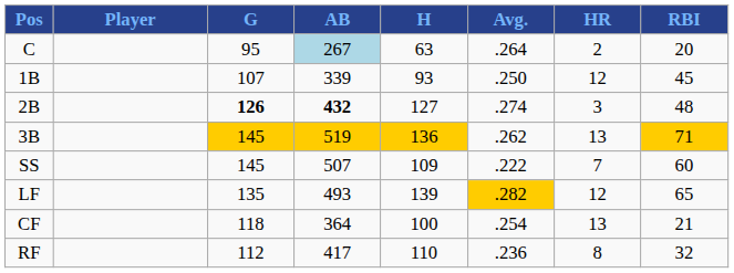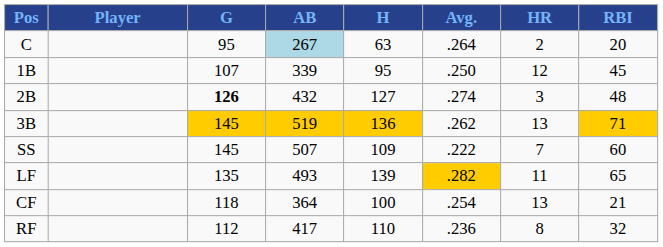 <table class="wikitable sortable">
 <tr>
 <th style="background:#27408B;color:#74B4FA;" width="5%">Pos</th>
 <th style="background:#27408B;color:#74B4FA;" width="16%">Player</th>
 <th style="background:#27408B;color:#74B4FA;" width="9%">G</th>
 <th style="background:#27408B;color:#74B4FA;" width="9%">AB</th>
 <th style="background:#27408B;color:#74B4FA;" width="9%">H</th>
 <th style="background:#27408B;color:#74B4FA;" width="9%">Avg.</th>
 <th style="background:#27408B;color:#74B4FA;" width="9%">HR</th>
 <th style="background:#27408B;color:#74B4FA;" width="9%">RBI</th>
 </tr>
 <tr align="center">
 <td>C</td>
 <td></td>
 <td>95</td>
 <td style="background: lightblue;">267</td>
 <td>63</td>
 <td>.264</td>
 <td>2</td>
 <td>20</td>
 </tr>
 <tr align="center">
 <td>1B</td>
 <td></td>
 <td>107</td>
 <td>339</td>
-<td>93</td>
+<td>95</td>
 <td>.250</td>
 <td>12</td>
 <td>45</td>
 </tr>
 <tr align="center">
 <td>2B</td>
 <td></td>
 <td><strong>126</strong></td>
-<td><strong>432</strong></td>
+<td>432</td>
 <td>127</td>
 <td>.274</td>
 <td>3</td>
 <td>48</td>
 </tr>
 <tr align="center">
 <td>3B</td>
 <td></td>
 <td style="background:#fc0;">145</td>
 <td style="background:#fc0;">519</td>
 <td style="background:#fc0;">136</td>
 <td>.262</td>
 <td>13</td>
 <td style="background:#fc0;">71</td>
 </tr>
 <tr align="center">
 <td>SS</td>
 <td></td>
 <td>145</td>
 <td>507</td>
 <td>109</td>
 <td>.222</td>
 <td>7</td>
 <td>60</td>
 </tr>
 <tr align="center">
 <td>LF</td>
 <td></td>
 <td>135</td>
 <td>493</td>
 <td>139</td>
 <td style="background:#fc0;">.282</td>
-<td>12</td>
+<td>11</td>
 <td>65</td>
 </tr>
 <tr align="center">
 <td>CF</td>
 <td></td>
 <td>118</td>
 <td>364</td>
 <td>100</td>
 <td>.254</td>
 <td>13</td>
 <td>21</td>
 </tr>
 <tr align="center">
 <td>RF</td>
 <td></td>
 <td>112</td>
 <td>417</td>
 <td>110</td>
 <td>.236</td>
 <td>8</td>
 <td>32</td>
 </tr>
 </table>
